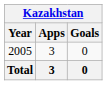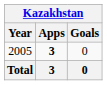 <table class="wikitable" style="text-align:center">
 <tr>
 <th colspan=3><a href='#'>Kazakhstan</a></th>
 </tr>
 <tr>
 <th>Year</th>
 <th>Apps</th>
 <th>Goals</th>
 </tr>
 <tr>
 <td>2005</td>
-<td>3</td>
+<td><strong>3</strong></td>
 <td>0</td>
 </tr>
 <tr>
 <th>Total</th>
 <th>3</th>
 <th>0</th>
 </tr>
 </table>
